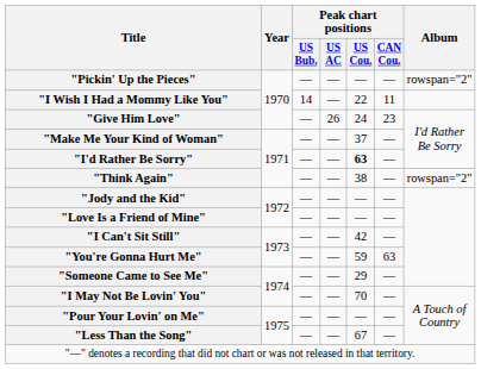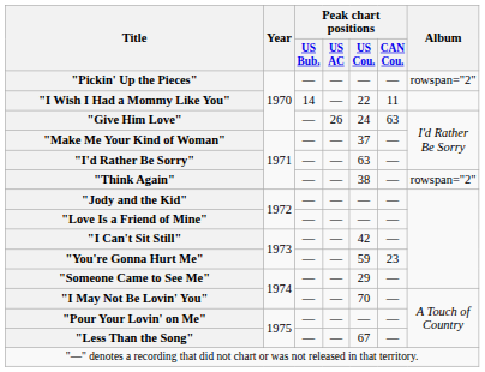 <table class="wikitable plainrowheaders" style="text-align:center;" border="1">
 <tr>
 <th scope="col" rowspan="2" style="width:22em;">Title</th>
 <th scope="col" rowspan="2">Year</th>
 <th scope="col" colspan="4">Peak chart positions</th>
 <th scope="col" rowspan="2">Album</th>
 </tr>
 <tr>
 <th scope="col" style="width:2em;font-size:90%;"><a href='#'>US<br>Bub.</a><br></th>
 <th scope="col" style="width:2em;font-size:90%;"><a href='#'>US<br>AC</a><br></th>
 <th scope="col" style="width:2em;font-size:90%;"><a href='#'>US<br>Cou.</a><br></th>
 <th scope="col" style="width:2em;font-size:90%;"><a href='#'>CAN<br>Cou.</a><br></th>
 </tr>
 <tr>
 <th scope="row">"Pickin' Up the Pieces"</th>
 <td rowspan="3">1970</td>
 <td>—</td>
 <td>—</td>
 <td>—</td>
 <td>—</td>
 <td>rowspan="2" </td>
 </tr>
 <tr>
 <th scope="row">"I Wish I Had a Mommy Like You"</th>
 <td>14</td>
 <td>—</td>
 <td>22</td>
 <td>11</td>
 </tr>
 <tr>
 <th scope="row">"Give Him Love"</th>
 <td>—</td>
 <td>26</td>
 <td>24</td>
-<td>23</td>
+<td>63</td>
 <td rowspan="3"><em>I'd Rather Be Sorry</em></td>
 </tr>
 <tr>
 <th scope="row">"Make Me Your Kind of Woman"</th>
 <td rowspan="3">1971</td>
 <td>—</td>
 <td>—</td>
 <td>37</td>
 <td>—</td>
 </tr>
 <tr>
 <th scope="row">"I'd Rather Be Sorry"</th>
 <td>—</td>
 <td>—</td>
-<td><strong>63</strong></td>
+<td>63</td>
 <td>—</td>
 </tr>
 <tr>
 <th scope="row">"Think Again"</th>
 <td>—</td>
 <td>—</td>
 <td>38</td>
 <td>—</td>
 <td>rowspan="2" </td>
 </tr>
 <tr>
 <th scope="row">"Jody and the Kid"</th>
 <td rowspan="2">1972</td>
 <td>—</td>
 <td>—</td>
 <td>—</td>
 <td>—</td>
 </tr>
 <tr>
 <th scope="row">"Love Is a Friend of Mine"</th>
 <td>—</td>
 <td>—</td>
 <td>—</td>
 <td>—</td>
 </tr>
 <tr>
 <th scope="row">"I Can't Sit Still"</th>
 <td rowspan="2">1973</td>
 <td>—</td>
 <td>—</td>
 <td>42</td>
 <td>—</td>
 </tr>
 <tr>
 <th scope="row">"You're Gonna Hurt Me"</th>
 <td>—</td>
 <td>—</td>
 <td>59</td>
-<td>63</td>
+<td>23</td>
 </tr>
 <tr>
 <th scope="row">"Someone Came to See Me"</th>
 <td rowspan="2">1974</td>
 <td>—</td>
 <td>—</td>
 <td>29</td>
 <td>—</td>
 </tr>
 <tr>
 <th scope="row">"I May Not Be Lovin' You"</th>
 <td>—</td>
 <td>—</td>
 <td>70</td>
 <td>—</td>
 <td rowspan="3"><em>A Touch of Country</em></td>
 </tr>
 <tr>
 <th scope="row">"Pour Your Lovin' on Me"</th>
 <td rowspan="2">1975</td>
 <td>—</td>
 <td>—</td>
 <td>—</td>
 <td>—</td>
 </tr>
 <tr>
 <th scope="row">"Less Than the Song"</th>
 <td>—</td>
 <td>—</td>
 <td>67</td>
 <td>—</td>
 </tr>
 <tr>
 <td colspan="7" style="font-size:90%">"—" denotes a recording that did not chart or was not released in that territory.</td>
 </tr>
 </table>
